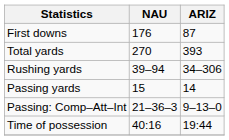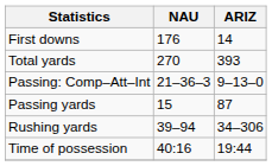 <table class="wikitable" style="float: left;">
 <tr>
 <th>Statistics</th>
 <th>NAU</th>
 <th>ARIZ</th>
 </tr>
 <tr>
 <td>First downs</td>
 <td>176</td>
-<td>87</td>
+<td>14</td>
 </tr>
 <tr>
 <td>Total yards</td>
 <td>270</td>
 <td>393</td>
 </tr>
 <tr>
-<td>Rushing yards</td>
-<td>39–94</td>
-<td>34–306</td>
+<td>Passing: Comp–Att–Int</td>
+<td>21–36–3</td>
+<td>9–13–0</td>
 </tr>
 <tr>
 <td>Passing yards</td>
 <td>15</td>
-<td>14</td>
+<td>87</td>
 </tr>
 <tr>
-<td>Passing: Comp–Att–Int</td>
-<td>21–36–3</td>
-<td>9–13–0</td>
+<td>Rushing yards</td>
+<td>39–94</td>
+<td>34–306</td>
 </tr>
 <tr>
 <td>Time of possession</td>
 <td>40:16</td>
 <td>19:44</td>
 </tr>
 <tr>
 </tr>
 </table>
